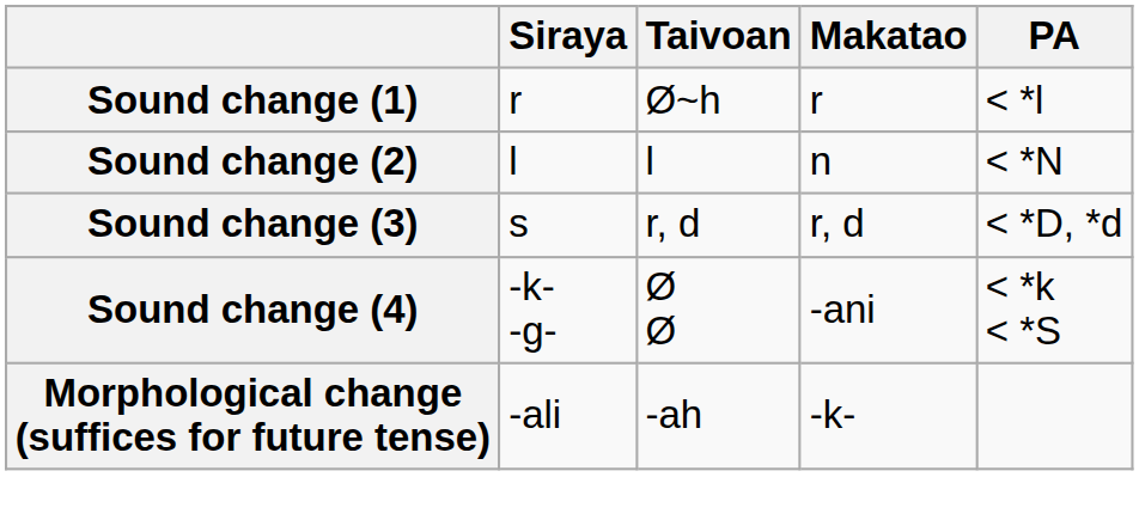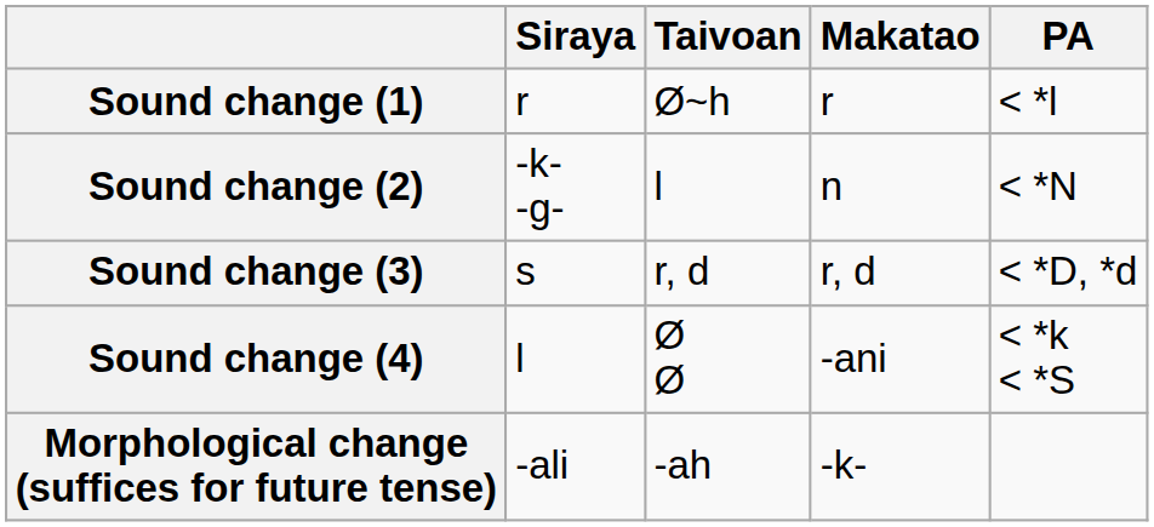 <table class="wikitable">
 <tr>
 <th></th>
 <th>Siraya</th>
 <th>Taivoan</th>
 <th>Makatao</th>
 <th>PA</th>
 </tr>
 <tr>
 <th>Sound change (1)</th>
 <td>r</td>
 <td>Ø~h</td>
 <td>r</td>
 <td>< *l</td>
 </tr>
 <tr>
 <th>Sound change (2)</th>
-<td>l</td>
+<td>-k-<br>-g-</td>
 <td>l</td>
 <td>n</td>
 <td>< *N</td>
 </tr>
 <tr>
 <th>Sound change (3)</th>
 <td>s</td>
 <td>r, d</td>
 <td>r, d</td>
 <td>< *D, *d</td>
 </tr>
 <tr>
 <th>Sound change (4)</th>
-<td>-k-<br>-g-</td>
+<td>l</td>
 <td>Ø<br>Ø</td>
 <td>-ani</td>
 <td>< *k<br>< *S</td>
 </tr>
 <tr>
 <th>Morphological change<br>(suffices for future tense)</th>
 <td>-ali</td>
 <td>-ah</td>
 <td>-k-<br></td>
 </tr>
 </table>
